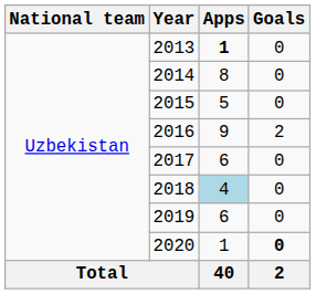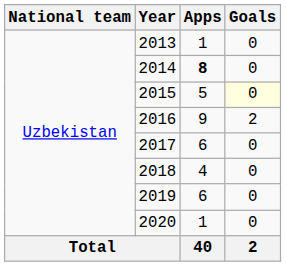 <table class="wikitable" style="text-align:center">
 <tr>
 <th>National team</th>
 <th>Year</th>
 <th>Apps</th>
 <th>Goals</th>
 </tr>
 <tr>
 <td rowspan="8"><a href='#'>Uzbekistan</a></td>
 <td>2013</td>
-<td><strong>1</strong></td>
+<td>1</td>
 <td>0</td>
 </tr>
 <tr>
 <td>2014</td>
-<td>8</td>
+<td><strong>8</strong></td>
 <td>0</td>
 </tr>
 <tr>
 <td>2015</td>
 <td>5</td>
-<td>0</td>
+<td style="background: lightyellow;">0</td>
 </tr>
 <tr>
 <td>2016</td>
 <td>9</td>
 <td>2</td>
 </tr>
 <tr>
 <td>2017</td>
 <td>6</td>
 <td>0</td>
 </tr>
 <tr>
 <td>2018</td>
-<td style="background: lightblue;">4</td>
+<td>4</td>
 <td>0</td>
 </tr>
 <tr>
 <td>2019</td>
 <td>6</td>
 <td>0</td>
 </tr>
 <tr>
 <td>2020</td>
 <td>1</td>
-<td><strong>0</strong></td>
+<td>0</td>
 </tr>
 <tr>
 <th colspan="2">Total</th>
 <th>40</th>
 <th>2</th>
 </tr>
 </table>
